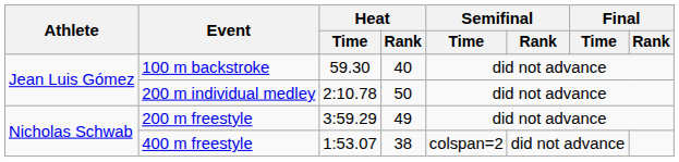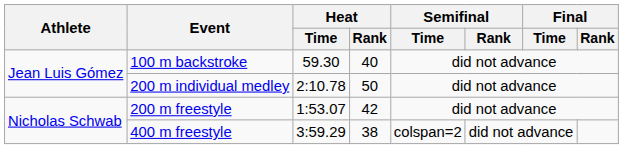 <table class=wikitable style="font-size:90%">
 <tr>
 <th rowspan="2">Athlete</th>
 <th rowspan="2">Event</th>
 <th colspan="2">Heat</th>
 <th colspan="2">Semifinal</th>
 <th colspan="2">Final</th>
 </tr>
 <tr style="font-size:95%">
 <th>Time</th>
 <th>Rank</th>
 <th>Time</th>
 <th>Rank</th>
 <th>Time</th>
 <th>Rank</th>
 </tr>
 <tr align=center>
 <td align=left rowspan=2><a href='#'>Jean Luis Gómez</a></td>
 <td align=left><a href='#'>100 m backstroke</a></td>
 <td>59.30</td>
 <td>40</td>
 <td colspan=4>did not advance</td>
 </tr>
 <tr align=center>
 <td align=left><a href='#'>200 m individual medley</a></td>
 <td>2:10.78</td>
 <td>50</td>
 <td colspan=4>did not advance</td>
 </tr>
 <tr align=center>
 <td align=left rowspan=2><a href='#'>Nicholas Schwab</a></td>
 <td align=left><a href='#'>200 m freestyle</a></td>
-<td>3:59.29</td>
-<td>49</td>
+<td>1:53.07</td>
+<td>42</td>
 <td colspan=4>did not advance</td>
 </tr>
 <tr align=center>
 <td align=left><a href='#'>400 m freestyle</a></td>
-<td>1:53.07</td>
+<td>3:59.29</td>
 <td>38</td>
 <td>colspan=2 </td>
 <td colspan=2>did not advance</td>
 </tr>
 </table>
